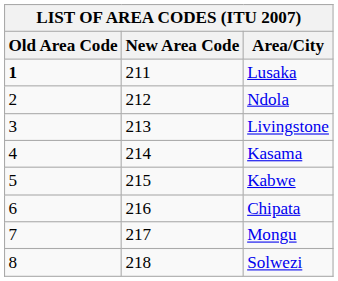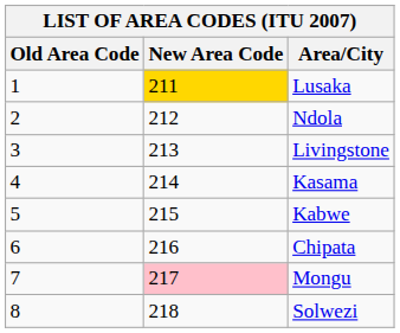 <table class="wikitable">
 <tr>
 <th colspan="3">LIST OF AREA CODES (ITU 2007)</th>
 </tr>
 <tr>
 <th>Old Area Code</th>
 <th>New Area Code</th>
 <th>Area/City</th>
 </tr>
 <tr>
-<td><strong>1</strong></td>
-<td>211</td>
+<td>1</td>
+<td style="background: gold;">211</td>
 <td><a href='#'>Lusaka</a></td>
 </tr>
 <tr>
 <td>2</td>
 <td>212</td>
 <td><a href='#'>Ndola</a></td>
 </tr>
 <tr>
 <td>3</td>
 <td>213</td>
 <td><a href='#'>Livingstone</a></td>
 </tr>
 <tr>
 <td>4</td>
 <td>214</td>
 <td><a href='#'>Kasama</a></td>
 </tr>
 <tr>
 <td>5</td>
 <td>215</td>
 <td><a href='#'>Kabwe</a></td>
 </tr>
 <tr>
 <td>6</td>
 <td>216</td>
 <td><a href='#'>Chipata</a></td>
 </tr>
 <tr>
 <td>7</td>
-<td>217</td>
+<td style="background: pink;">217</td>
 <td><a href='#'>Mongu</a></td>
 </tr>
 <tr>
 <td>8</td>
 <td>218</td>
 <td><a href='#'>Solwezi</a></td>
 </tr>
 </table>
